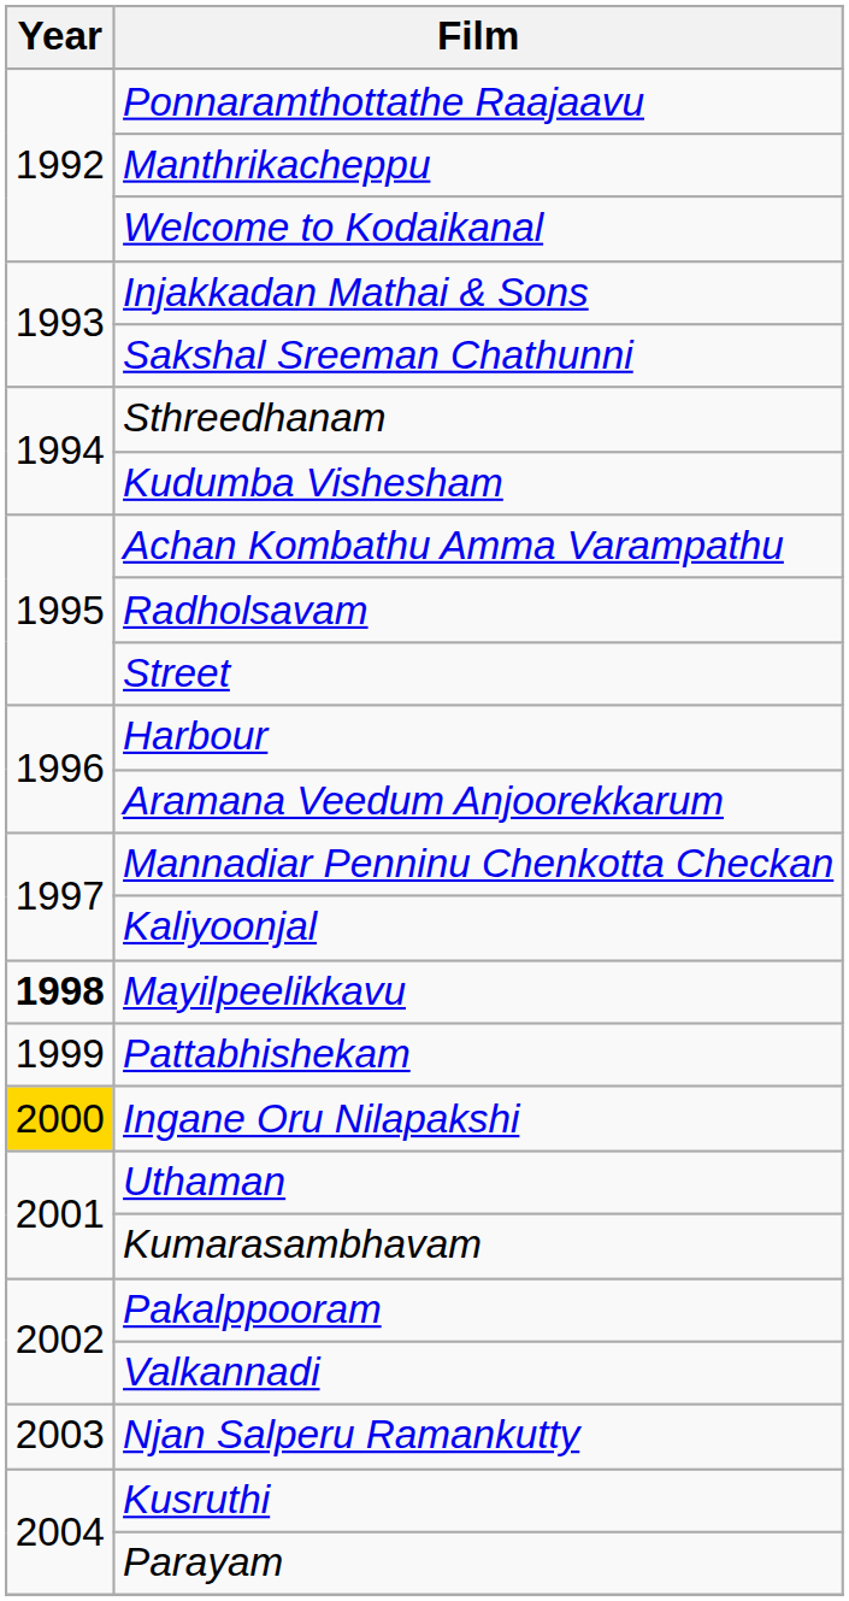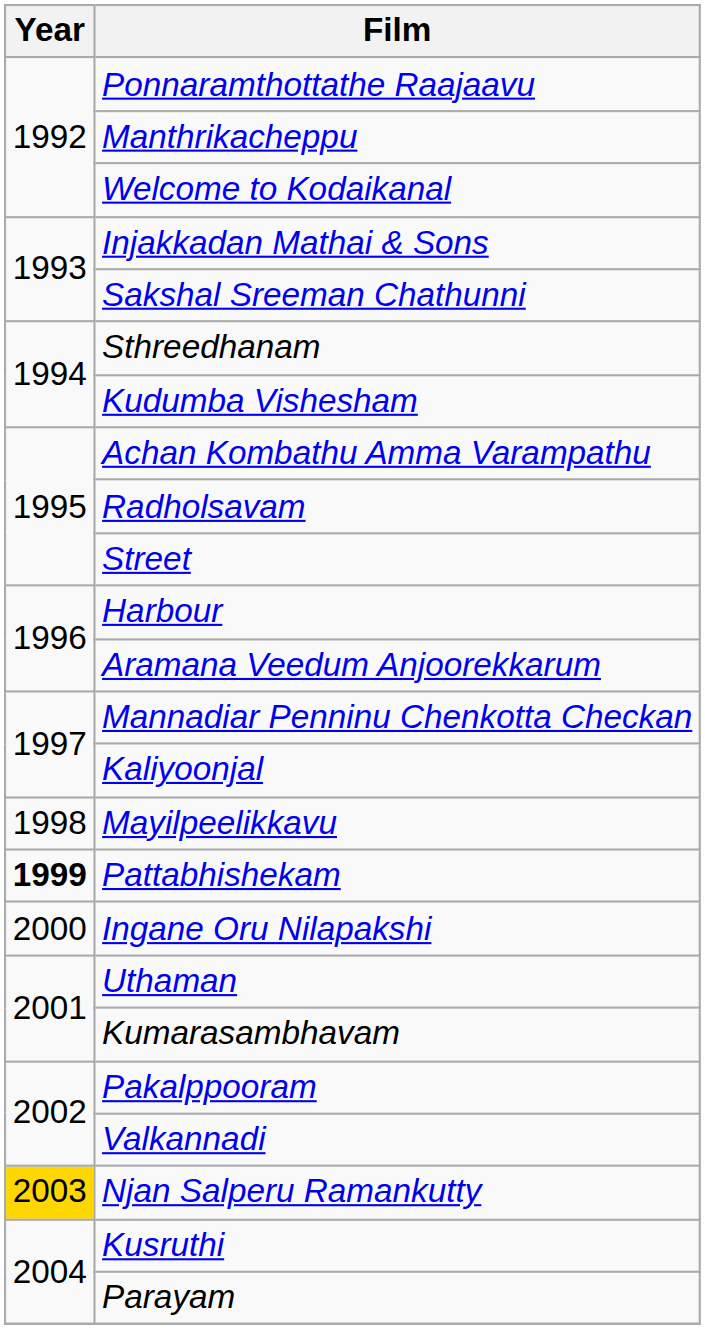 <table class="wikitable">
 <tr>
 <th>Year</th>
 <th>Film</th>
 </tr>
 <tr>
 <td rowspan=3>1992</td>
 <td><em><a href='#'>Ponnaramthottathe Raajaavu</a></em></td>
 </tr>
 <tr>
 <td><em><a href='#'>Manthrikacheppu</a></em></td>
 </tr>
 <tr>
 <td><em><a href='#'>Welcome to Kodaikanal</a></em></td>
 </tr>
 <tr>
 <td rowspan=2>1993</td>
 <td><em><a href='#'>Injakkadan Mathai & Sons</a></em></td>
 </tr>
 <tr>
 <td><em><a href='#'>Sakshal Sreeman Chathunni</a></em></td>
 </tr>
 <tr>
 <td rowspan=2>1994</td>
 <td><em>Sthreedhanam</em></td>
 </tr>
 <tr>
 <td><em><a href='#'>Kudumba Vishesham</a></em></td>
 </tr>
 <tr>
 <td rowspan=3>1995</td>
 <td><em><a href='#'>Achan Kombathu Amma Varampathu</a></em></td>
 </tr>
 <tr>
 <td><em><a href='#'>Radholsavam</a></em></td>
 </tr>
 <tr>
 <td><em><a href='#'>Street</a></em></td>
 </tr>
 <tr>
 <td rowspan=2>1996</td>
 <td><em><a href='#'>Harbour</a></em></td>
 </tr>
 <tr>
 <td><em><a href='#'>Aramana Veedum Anjoorekkarum</a></em></td>
 </tr>
 <tr>
 <td rowspan=2>1997</td>
 <td><em><a href='#'>Mannadiar Penninu Chenkotta Checkan</a></em></td>
 </tr>
 <tr>
 <td><em><a href='#'>Kaliyoonjal</a></em></td>
 </tr>
 <tr>
-<td><strong>1998</strong></td>
+<td>1998</td>
 <td><em><a href='#'>Mayilpeelikkavu</a></em></td>
 </tr>
 <tr>
-<td>1999</td>
+<td><strong>1999</strong></td>
 <td><em><a href='#'>Pattabhishekam</a></em></td>
 </tr>
 <tr>
-<td style="background: gold;">2000</td>
+<td>2000</td>
 <td><em><a href='#'>Ingane Oru Nilapakshi</a></em></td>
 </tr>
 <tr>
 <td rowspan=2>2001</td>
 <td><em><a href='#'>Uthaman</a></em></td>
 </tr>
 <tr>
 <td><em>Kumarasambhavam</em></td>
 </tr>
 <tr>
 <td rowspan=2>2002</td>
 <td><em><a href='#'>Pakalppooram</a></em></td>
 </tr>
 <tr>
 <td><em><a href='#'>Valkannadi</a></em></td>
 </tr>
 <tr>
-<td>2003</td>
+<td style="background: gold;">2003</td>
 <td><em><a href='#'>Njan Salperu Ramankutty</a></em></td>
 </tr>
 <tr>
 <td rowspan=2>2004</td>
 <td><em><a href='#'>Kusruthi</a></em></td>
 </tr>
 <tr>
 <td><em>Parayam</em></td>
 </tr>
 <tr>
 </tr>
 </table>
